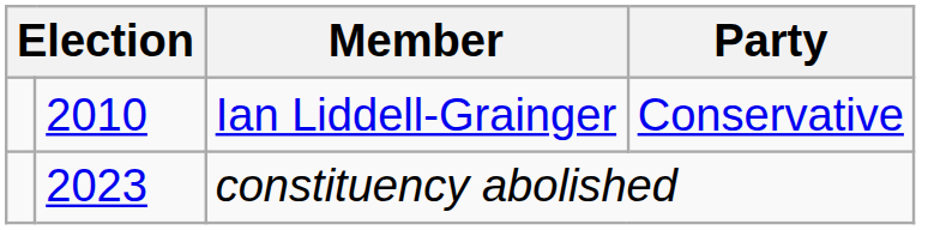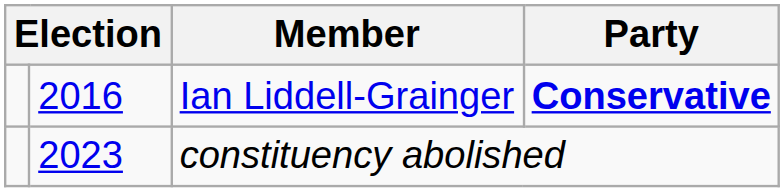 <table class="wikitable mw-collapsible">
 <tr>
 <th colspan="2">Election</th>
 <th>Member</th>
 <th>Party</th>
 </tr>
 <tr>
 <td style="color:inherit;background-color: "></td>
-<td><a href='#'>2010</a></td>
+<td><a href='#'>2016</a></td>
 <td><a href='#'>Ian Liddell-Grainger</a></td>
-<td><a href='#'>Conservative</a></td>
+<td><strong><a href='#'>Conservative</a></strong></td>
 </tr>
 <tr>
 <td></td>
 <td><a href='#'>2023</a></td>
 <td colspan="2"><em>constituency abolished</em></td>
 </tr>
 </table>
